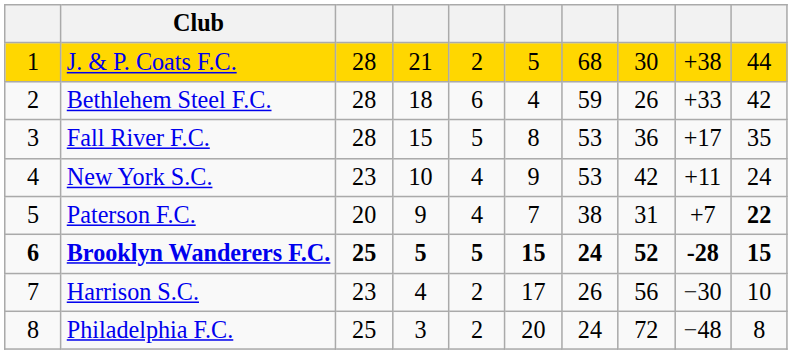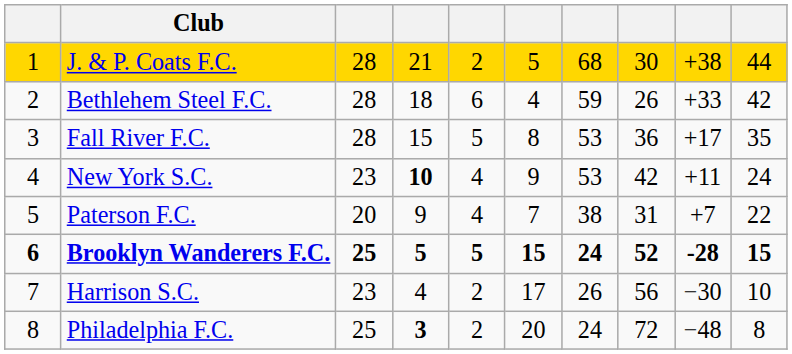 <table class="wikitable" style="text-align:center">
 <tr>
 <th width=30></th>
 <th>Club</th>
 <th width=30></th>
 <th width=30></th>
 <th width=30></th>
 <th width=30></th>
 <th width=30></th>
 <th width=30></th>
 <th width=30></th>
 <th width=30></th>
 </tr>
 <tr bgcolor="gold">
 <td>1</td>
 <td align=left><a href='#'>J. & P. Coats F.C.</a></td>
 <td>28</td>
 <td>21</td>
 <td>2</td>
 <td>5</td>
 <td>68</td>
 <td>30</td>
 <td>+38</td>
 <td>44</td>
 </tr>
 <tr>
 <td>2</td>
 <td align=left><a href='#'>Bethlehem Steel F.C.</a></td>
 <td>28</td>
 <td>18</td>
 <td>6</td>
 <td>4</td>
 <td>59</td>
 <td>26</td>
 <td>+33</td>
 <td>42</td>
 </tr>
 <tr>
 <td>3</td>
 <td align=left><a href='#'>Fall River F.C.</a></td>
 <td>28</td>
 <td>15</td>
 <td>5</td>
 <td>8</td>
 <td>53</td>
 <td>36</td>
 <td>+17</td>
 <td>35</td>
 </tr>
 <tr>
 <td>4</td>
 <td align=left><a href='#'>New York S.C.</a></td>
 <td>23</td>
-<td>10</td>
+<td><strong>10</strong></td>
 <td>4</td>
 <td>9</td>
 <td>53</td>
 <td>42</td>
 <td>+11</td>
 <td>24</td>
 </tr>
 <tr>
 <td>5</td>
 <td align=left><a href='#'>Paterson F.C.</a></td>
 <td>20</td>
 <td>9</td>
 <td>4</td>
 <td>7</td>
 <td>38</td>
 <td>31</td>
 <td>+7</td>
-<td><strong>22</strong></td>
+<td>22</td>
 </tr>
 <tr>
 <td><strong>6</strong></td>
 <td align=left><strong><a href='#'>Brooklyn Wanderers F.C.</a></strong></td>
 <td><strong>25</strong></td>
 <td><strong>5</strong></td>
 <td><strong>5</strong></td>
 <td><strong>15</strong></td>
 <td><strong>24</strong></td>
 <td><strong>52</strong></td>
 <td><strong>-28</strong></td>
 <td><strong>15</strong></td>
 </tr>
 <tr>
 <td>7</td>
 <td align=left><a href='#'>Harrison S.C.</a></td>
 <td>23</td>
 <td>4</td>
 <td>2</td>
 <td>17</td>
 <td>26</td>
 <td>56</td>
 <td>−30</td>
 <td>10</td>
 </tr>
 <tr>
 <td>8</td>
 <td align=left><a href='#'>Philadelphia F.C.</a></td>
 <td>25</td>
-<td>3</td>
+<td><strong>3</strong></td>
 <td>2</td>
 <td>20</td>
 <td>24</td>
 <td>72</td>
 <td>−48</td>
 <td>8</td>
 </tr>
 </table>
